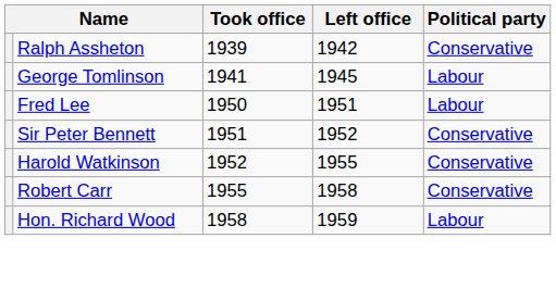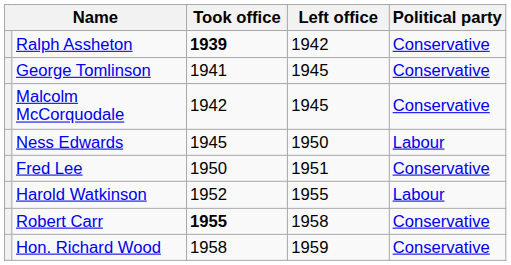 <table class="wikitable">
 <tr>
 <th colspan=2>Name</th>
 <th width=90>Took office</th>
 <th width=90>Left office</th>
 <th>Political party</th>
 </tr>
 <tr>
 <th style="background-color: "></th>
 <td width=160><a href='#'>Ralph Assheton</a></td>
-<td>1939</td>
+<td><strong>1939</strong></td>
 <td>1942</td>
 <td><a href='#'>Conservative</a></td>
 </tr>
 <tr>
 <th style="background-color: "></th>
 <td width=160><a href='#'>George Tomlinson</a></td>
 <td>1941</td>
 <td>1945</td>
+<td><a href='#'>Conservative</a></td>
+</tr>
+<tr>
+<th style="background-color: "></th>
+<td width=160><a href='#'>Malcolm McCorquodale</a></td>
+<td>1942</td>
+<td>1945</td>
+<td><a href='#'>Conservative</a></td>
+</tr>
+<tr>
+<th style="background-color: "></th>
+<td width=160><a href='#'>Ness Edwards</a></td>
+<td>1945</td>
+<td>1950</td>
 <td><a href='#'>Labour</a></td>
 </tr>
 <tr>
 <th style="background-color: "></th>
 <td width=160><a href='#'>Fred Lee</a></td>
 <td>1950</td>
 <td>1951</td>
-<td><a href='#'>Labour</a></td>
-</tr>
-<tr>
-<th style="background-color: "></th>
-<td width=160><a href='#'>Sir Peter Bennett</a></td>
-<td>1951</td>
-<td>1952</td>
 <td><a href='#'>Conservative</a></td>
 </tr>
 <tr>
 <th style="background-color: "></th>
 <td width=160><a href='#'>Harold Watkinson</a></td>
 <td>1952</td>
 <td>1955</td>
-<td><a href='#'>Conservative</a></td>
+<td><a href='#'>Labour</a></td>
 </tr>
 <tr>
 <th style="background-color: "></th>
 <td width=160><a href='#'>Robert Carr</a></td>
-<td>1955</td>
+<td><strong>1955</strong></td>
 <td>1958</td>
 <td><a href='#'>Conservative</a></td>
 </tr>
 <tr>
 <th style="background-color: "></th>
 <td width=160><a href='#'>Hon. Richard Wood</a></td>
 <td>1958</td>
 <td>1959</td>
-<td><a href='#'>Labour</a></td>
+<td><a href='#'>Conservative</a></td>
 </tr>
 </table>
